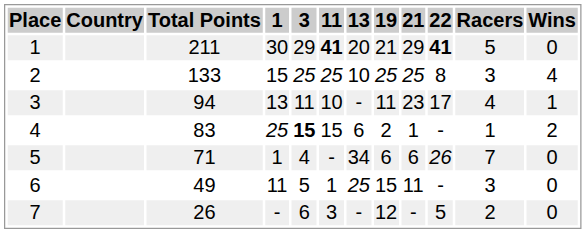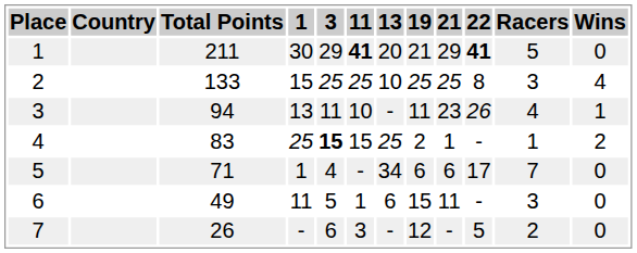 <table border="0" style="border: 1px solid #999; background-color:#FFFFFF; text-align:center">
 <tr align="center" bgcolor="#CCCCCC">
 <th>Place</th>
 <th>Country</th>
 <th>Total Points</th>
 <th>1</th>
 <th>3</th>
 <th>11</th>
 <th>13</th>
 <th>19</th>
 <th>21</th>
 <th>22</th>
 <th>Racers</th>
 <th>Wins</th>
 </tr>
 <tr bgcolor="#EFEFEF">
 <td>1</td>
 <td align="left"></td>
 <td>211</td>
 <td>30</td>
 <td>29</td>
 <td><strong>41</strong></td>
 <td>20</td>
 <td>21</td>
 <td>29</td>
 <td><strong>41</strong></td>
 <td>5</td>
 <td>0</td>
 </tr>
 <tr>
 <td>2</td>
 <td align="left"></td>
 <td>133</td>
 <td>15</td>
 <td><em>25</em></td>
 <td><em>25</em></td>
 <td>10</td>
 <td><em>25</em></td>
 <td><em>25</em></td>
 <td>8</td>
 <td>3</td>
 <td>4</td>
 </tr>
 <tr bgcolor="#EFEFEF">
 <td>3</td>
 <td align="left"></td>
 <td>94</td>
 <td>13</td>
 <td>11</td>
 <td>10</td>
 <td>-</td>
 <td>11</td>
 <td>23</td>
-<td>17</td>
+<td><em>26</em></td>
 <td>4</td>
 <td>1</td>
 </tr>
 <tr>
 <td>4</td>
 <td align="left"></td>
 <td>83</td>
 <td><em>25</em></td>
 <td><strong>15</strong></td>
 <td>15</td>
-<td>6</td>
+<td><em>25</em></td>
 <td>2</td>
 <td>1</td>
 <td>-</td>
 <td>1</td>
 <td>2</td>
 </tr>
 <tr bgcolor="#EFEFEF">
 <td>5</td>
 <td align="left"></td>
 <td>71</td>
 <td>1</td>
 <td>4</td>
 <td>-</td>
 <td>34</td>
 <td>6</td>
 <td>6</td>
-<td><em>26</em></td>
+<td>17</td>
 <td>7</td>
 <td>0</td>
 </tr>
 <tr>
 <td>6</td>
 <td align="left"></td>
 <td>49</td>
 <td>11</td>
 <td>5</td>
 <td>1</td>
-<td><em>25</em></td>
+<td>6</td>
 <td>15</td>
 <td>11</td>
 <td>-</td>
 <td>3</td>
 <td>0</td>
 </tr>
 <tr bgcolor="#EFEFEF">
 <td>7</td>
 <td align="left"></td>
 <td>26</td>
 <td>-</td>
 <td>6</td>
 <td>3</td>
 <td>-</td>
 <td>12</td>
 <td>-</td>
 <td>5</td>
 <td>2</td>
 <td>0</td>
 </tr>
 </table>
